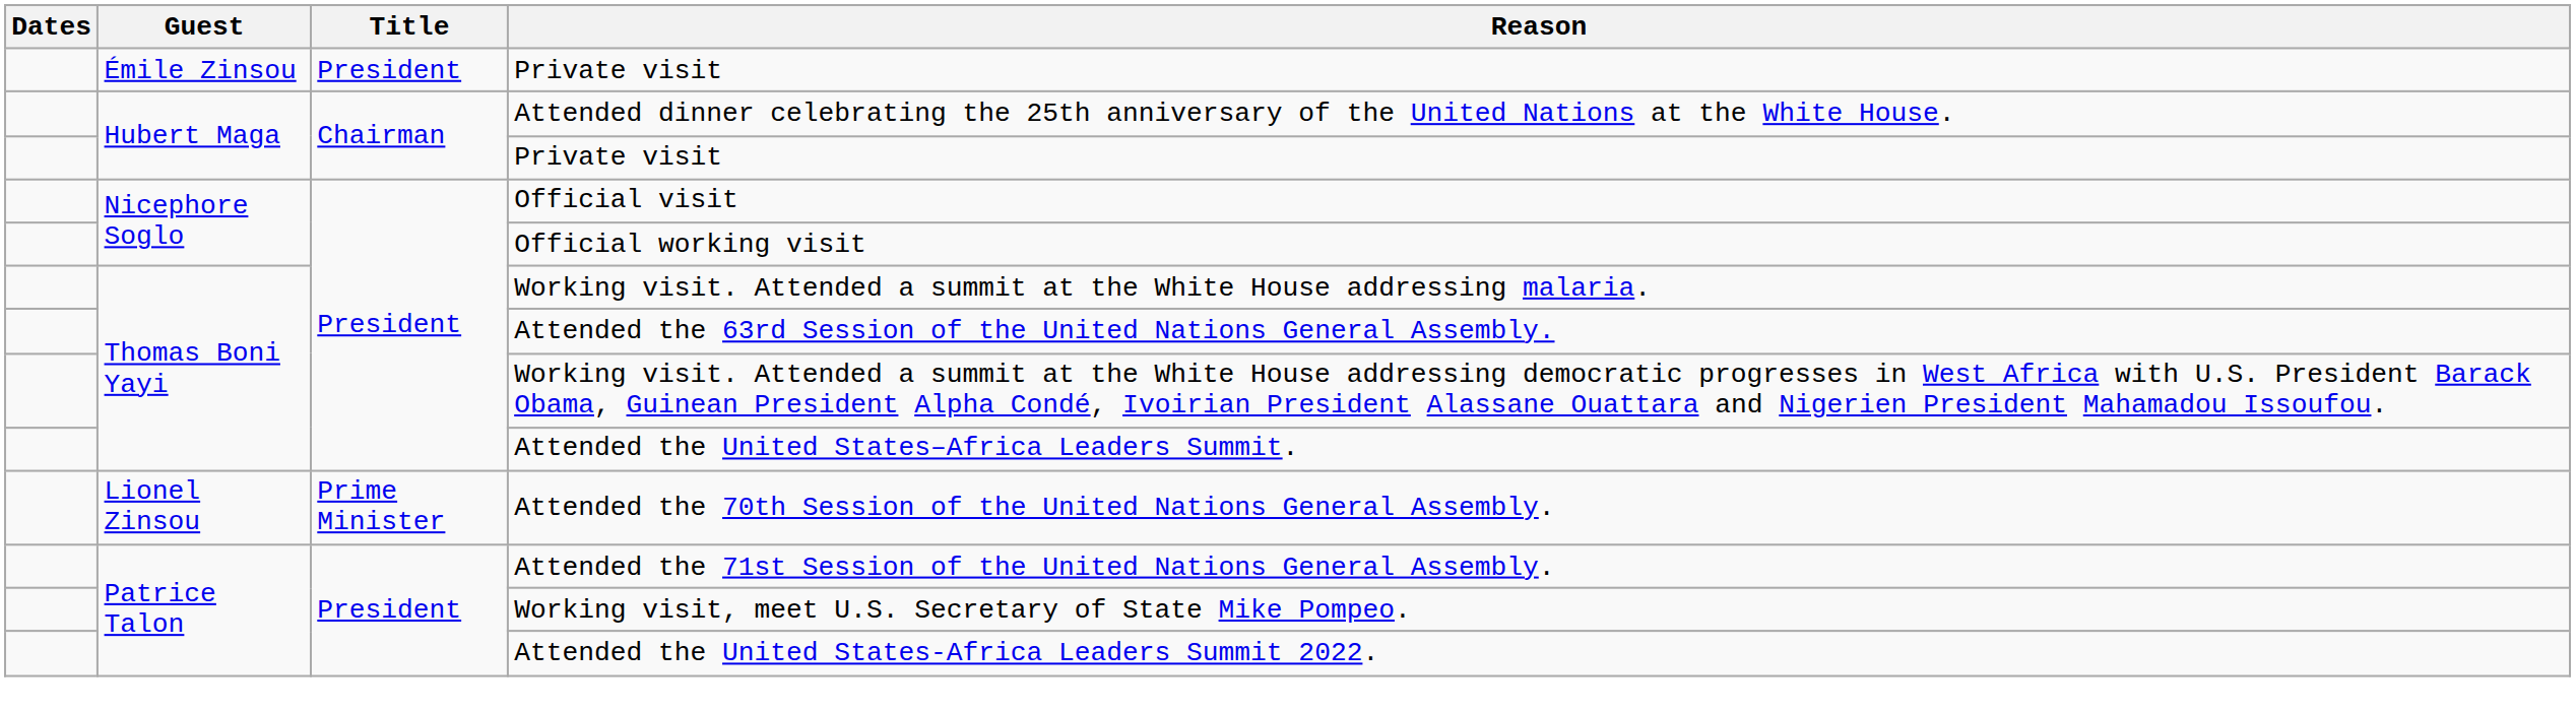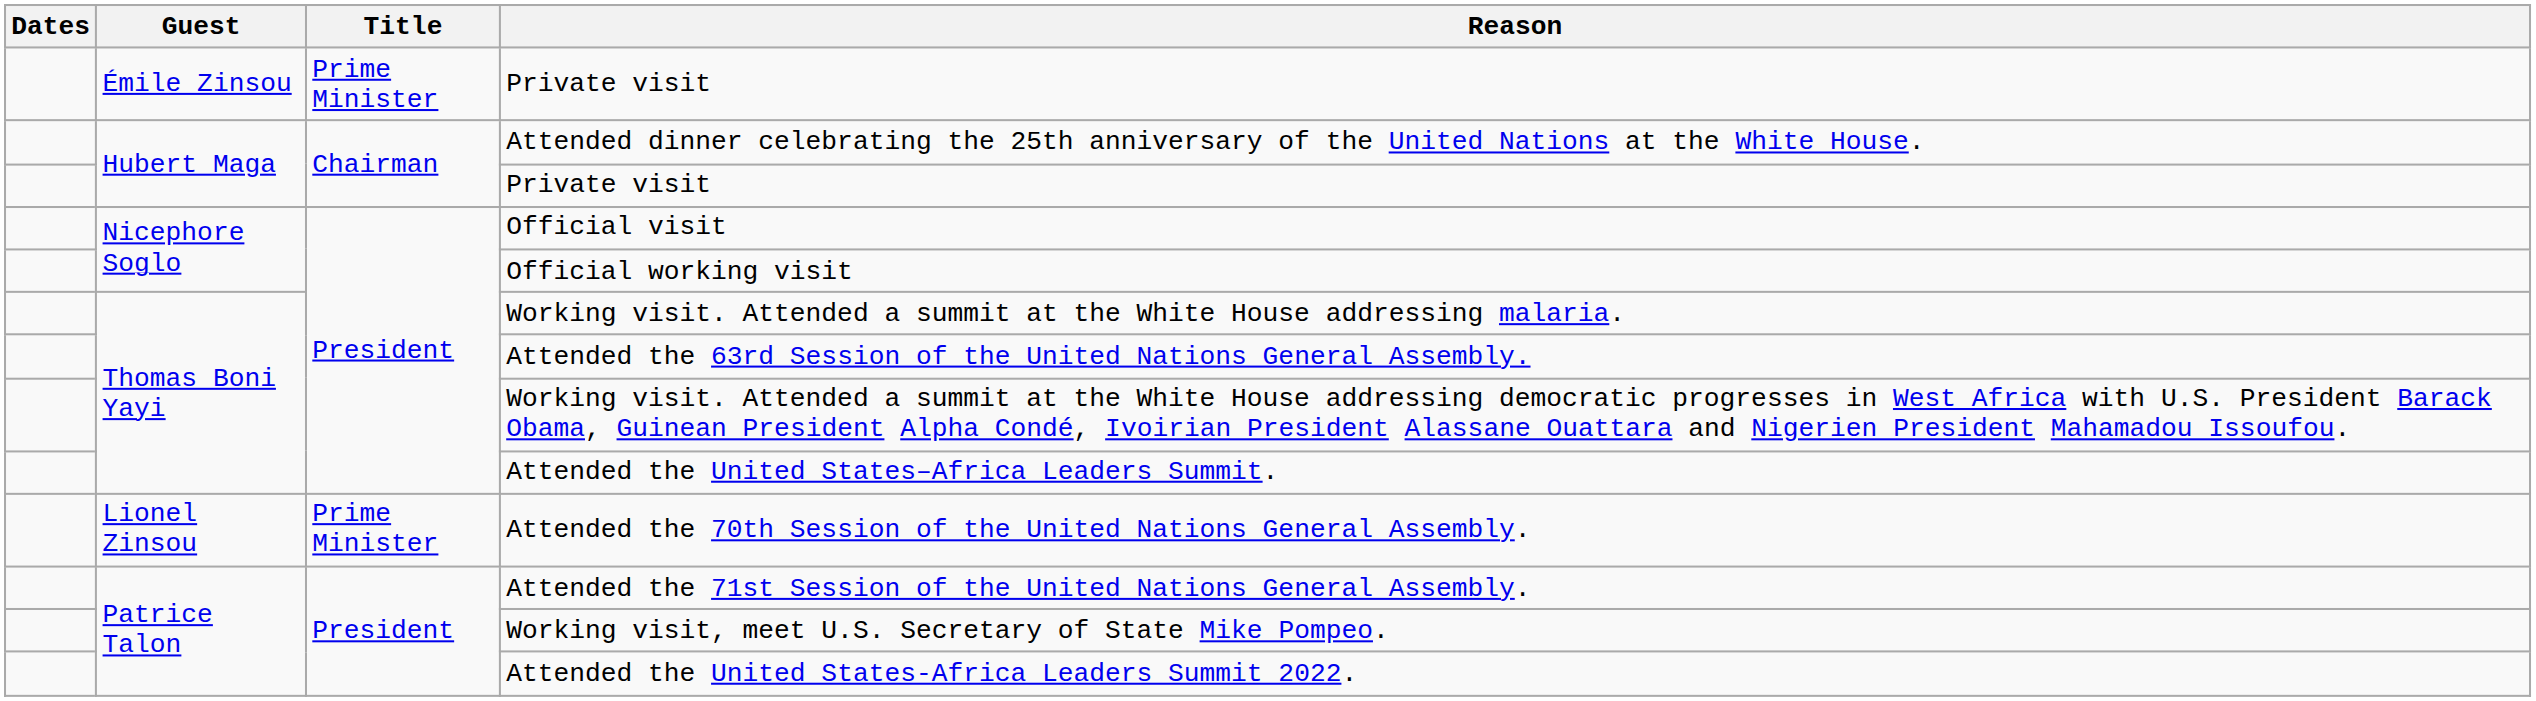 <table class="wikitable sortable">
 <tr>
 <th>Dates</th>
 <th>Guest</th>
 <th>Title</th>
 <th>Reason</th>
 </tr>
 <tr>
 <td></td>
 <td><a href='#'>Émile Zinsou</a></td>
-<td><a href='#'>President</a></td>
+<td><a href='#'>Prime Minister</a></td>
 <td>Private visit</td>
 </tr>
 <tr>
 <td></td>
 <td rowspan=2><a href='#'>Hubert Maga</a></td>
 <td rowspan="2"><a href='#'>Chairman</a></td>
 <td>Attended dinner celebrating the 25th anniversary of the <a href='#'>United Nations</a> at the <a href='#'>White House</a>.</td>
 </tr>
 <tr>
 <td></td>
 <td>Private visit</td>
 </tr>
 <tr>
 <td></td>
 <td rowspan=2><a href='#'>Nicephore Soglo</a></td>
 <td rowspan="6"><a href='#'>President</a></td>
 <td>Official visit</td>
 </tr>
 <tr>
 <td></td>
 <td>Official working visit</td>
 </tr>
 <tr>
 <td></td>
 <td rowspan=4><a href='#'>Thomas Boni Yayi</a></td>
 <td>Working visit. Attended a summit at the White House addressing <a href='#'>malaria</a>.</td>
 </tr>
 <tr>
 <td></td>
 <td>Attended the <a href='#'>63rd Session of the United Nations General Assembly.</a></td>
 </tr>
 <tr>
 <td></td>
 <td>Working visit. Attended a summit at the White House addressing democratic progresses in <a href='#'>West Africa</a> with U.S. President <a href='#'>Barack Obama</a>, <a href='#'>Guinean President</a> <a href='#'>Alpha Condé</a>, <a href='#'>Ivoirian President</a> <a href='#'>Alassane Ouattara</a> and <a href='#'>Nigerien President</a> <a href='#'>Mahamadou Issoufou</a>.</td>
 </tr>
 <tr>
 <td></td>
 <td>Attended the <a href='#'>United States–Africa Leaders Summit</a>.</td>
 </tr>
 <tr>
 <td></td>
 <td><a href='#'>Lionel Zinsou</a></td>
 <td><a href='#'>Prime Minister</a></td>
 <td>Attended the <a href='#'>70th Session of the United Nations General Assembly</a>.</td>
 </tr>
 <tr>
 <td></td>
 <td rowspan="3"><a href='#'>Patrice Talon</a></td>
 <td rowspan="3"><a href='#'>President</a></td>
 <td>Attended the <a href='#'>71st Session of the United Nations General Assembly</a>.</td>
 </tr>
 <tr>
 <td></td>
 <td>Working visit, meet U.S. Secretary of State <a href='#'>Mike Pompeo</a>.</td>
 </tr>
 <tr>
 <td></td>
 <td>Attended the <a href='#'>United States-Africa Leaders Summit 2022</a>.</td>
 </tr>
 </table>
